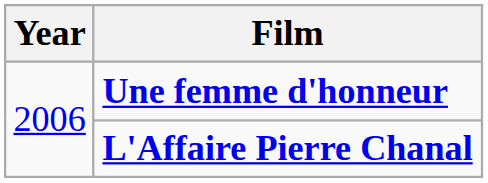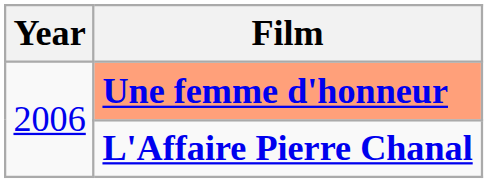 <table class="wikitable" border="1">
 <tr>
 <th>Year</th>
 <th>Film</th>
 </tr>
 <tr>
 <td rowspan=2><a href='#'>2006</a></td>
-<td><strong><a href='#'>Une femme d'honneur</a></strong></td>
+<td style="background: lightsalmon;"><strong><a href='#'>Une femme d'honneur</a></strong></td>
 </tr>
 <tr>
 <td><strong><a href='#'>L'Affaire Pierre Chanal</a></strong></td>
 </tr>
 </table>
